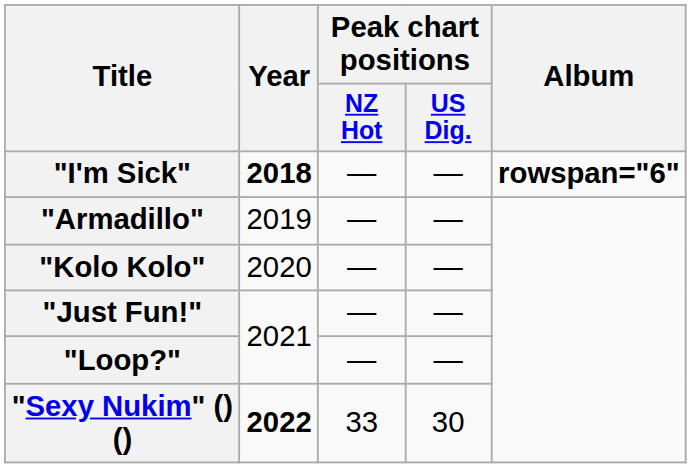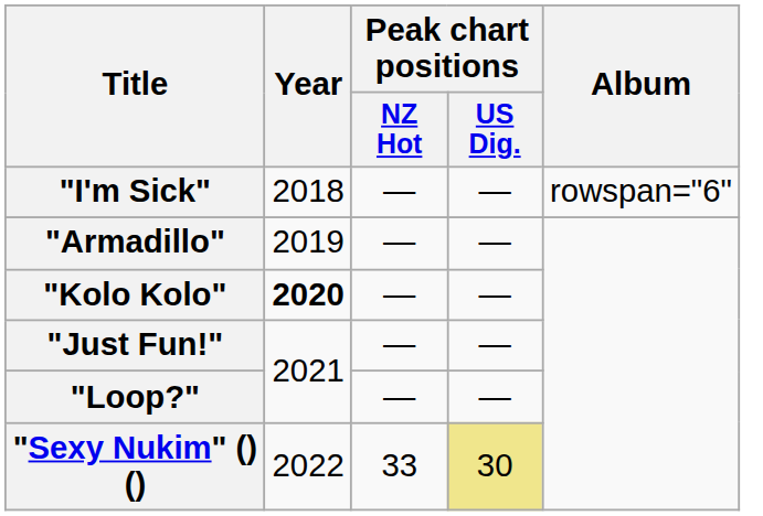 <table class="wikitable plainrowheaders" style="text-align:center;" border="1">
 <tr>
 <th scope="col" rowspan="2">Title</th>
 <th scope="col" rowspan="2">Year</th>
 <th scope="col" colspan="2">Peak chart positions</th>
 <th scope="col" rowspan="2">Album</th>
 </tr>
 <tr>
 <th scope="col" style="width:3em; font-size:85%"><a href='#'>NZ<br>Hot</a><br></th>
 <th scope="col" style="width:3em; font-size:85%"><a href='#'>US<br>Dig.</a><br></th>
 </tr>
 <tr>
 <th scope="row">"I'm Sick"</th>
-<td><strong>2018</strong></td>
+<td>2018</td>
 <td>—</td>
 <td>—</td>
-<td><strong>rowspan="6" </strong></td>
+<td>rowspan="6" </td>
 </tr>
 <tr>
 <th scope="row">"Armadillo"</th>
 <td>2019</td>
 <td>—</td>
 <td>—</td>
 </tr>
 <tr>
 <th scope="row">"Kolo Kolo"</th>
-<td>2020</td>
+<td><strong>2020</strong></td>
 <td>—</td>
 <td>—</td>
 </tr>
 <tr>
 <th scope="row">"Just Fun!"</th>
 <td rowspan="2">2021</td>
 <td>—</td>
 <td>—</td>
 </tr>
 <tr>
 <th scope="row">"Loop?"</th>
 <td>—</td>
 <td>—</td>
 </tr>
 <tr>
 <th scope="row">"<a href='#'>Sexy Nukim</a>" ()<br>()</th>
-<td><strong>2022</strong></td>
+<td>2022</td>
 <td>33</td>
-<td>30</td>
+<td style="background: khaki;">30</td>
 </tr>
 </table>
